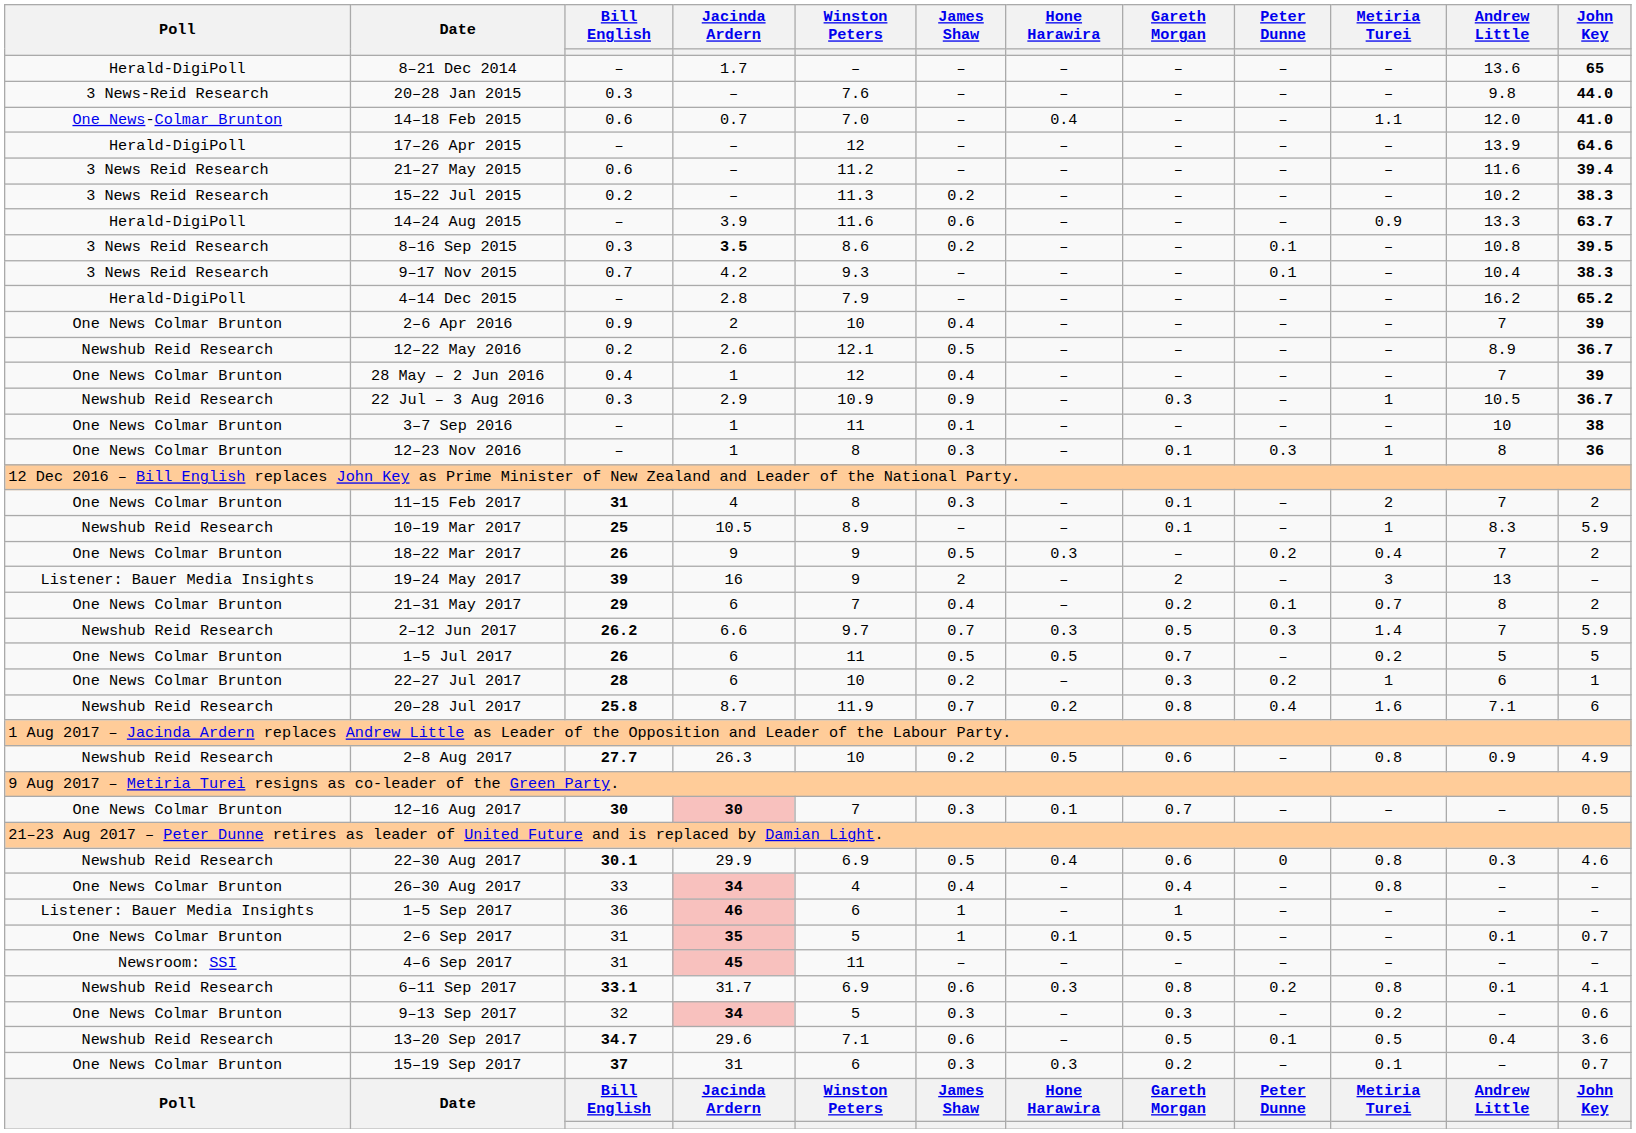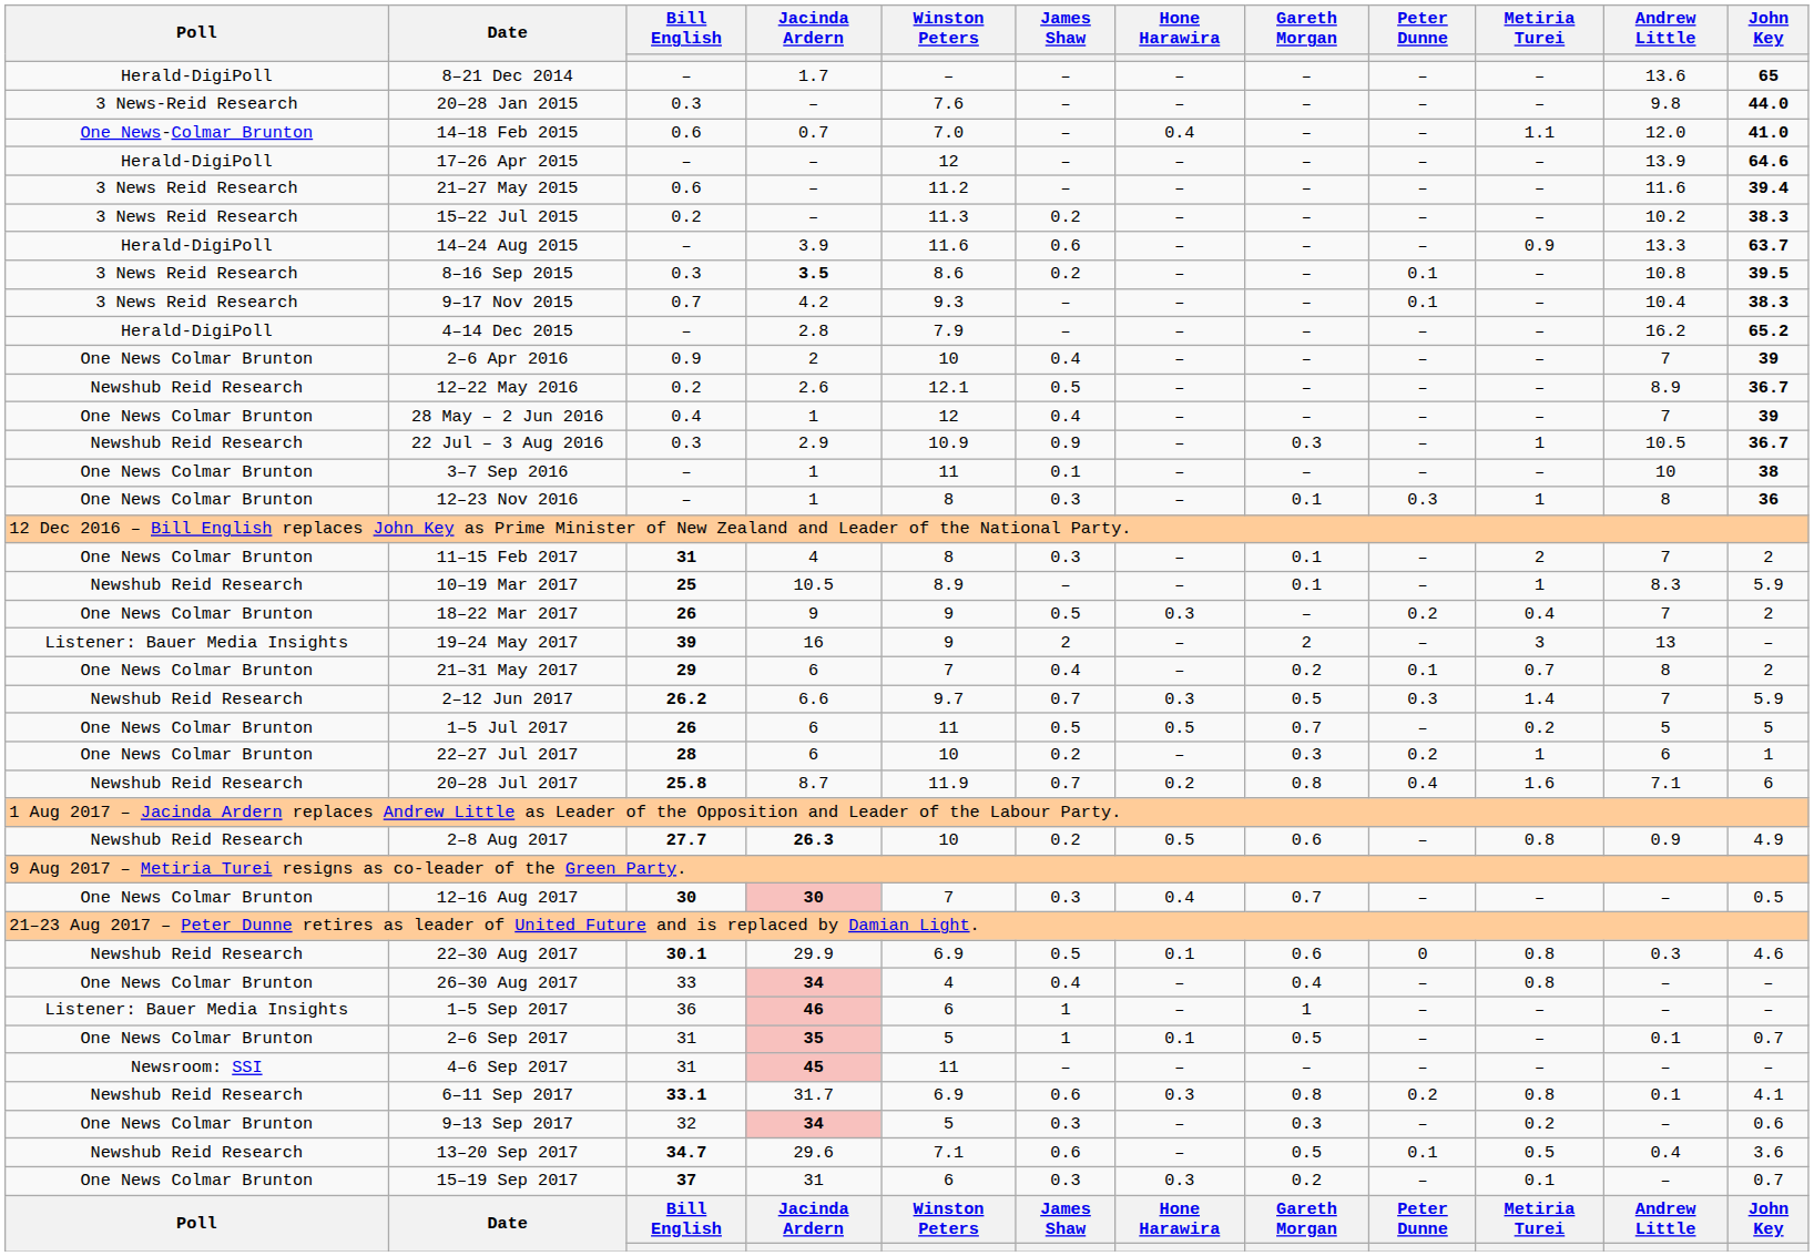 <table class=wikitable style="font-size:90%;line-height:14px;text-align:center;">
 <tr>
 <th style="width:260px;" rowspan="2">Poll</th>
 <th style="width:160px;" rowspan="2">Date<br></th>
 <th><a href='#'>Bill English</a></th>
 <th><a href='#'>Jacinda Ardern</a></th>
 <th><a href='#'>Winston Peters</a></th>
 <th><a href='#'>James Shaw</a></th>
 <th><a href='#'>Hone Harawira</a></th>
 <th><a href='#'>Gareth Morgan</a></th>
 <th><a href='#'>Peter Dunne</a></th>
 <th><a href='#'>Metiria Turei</a></th>
 <th><a href='#'>Andrew Little</a></th>
 <th><a href='#'>John Key</a></th>
 </tr>
 <tr>
 <th class="unsortable" style="color:inherit;background:"></th>
 <th class="unsortable" style="color:inherit;background:"></th>
 <th class="unsortable" style="color:inherit;background:"></th>
 <th class="unsortable" style="color:inherit;background:"></th>
 <th class="unsortable" style="color:inherit;background:"></th>
 <th class="unsortable" style="color:inherit;background:"></th>
 <th class="unsortable" style="color:inherit;background:"></th>
 <th class="unsortable" style="color:inherit;background:"></th>
 <th class="unsortable" style="color:inherit;background:"></th>
 <th class="unsortable" style="color:inherit;background:"></th>
 </tr>
 <tr>
 <td>Herald-DigiPoll</td>
 <td>8–21 Dec 2014</td>
 <td>–</td>
 <td>1.7</td>
 <td>–</td>
 <td>–</td>
 <td>–</td>
 <td>–</td>
 <td>–</td>
 <td>–</td>
 <td>13.6</td>
 <td><strong>65</strong></td>
 </tr>
 <tr>
 <td>3 News-Reid Research</td>
 <td>20–28 Jan 2015</td>
 <td>0.3</td>
 <td>–</td>
 <td>7.6</td>
 <td>–</td>
 <td>–</td>
 <td>–</td>
 <td>–</td>
 <td>–</td>
 <td>9.8</td>
 <td><strong>44.0</strong></td>
 </tr>
 <tr>
 <td><a href='#'>One News</a>-<a href='#'>Colmar Brunton</a></td>
 <td>14–18 Feb 2015</td>
 <td>0.6</td>
 <td>0.7</td>
 <td>7.0</td>
 <td>–</td>
 <td>0.4</td>
 <td>–</td>
 <td>–</td>
 <td>1.1</td>
 <td>12.0</td>
 <td><strong>41.0</strong></td>
 </tr>
 <tr>
 <td>Herald-DigiPoll</td>
 <td>17–26 Apr 2015</td>
 <td>–</td>
 <td>–</td>
 <td>12</td>
 <td>–</td>
 <td>–</td>
 <td>–</td>
 <td>–</td>
 <td>–</td>
 <td>13.9</td>
 <td><strong>64.6</strong></td>
 </tr>
 <tr>
 <td>3 News Reid Research</td>
 <td>21–27 May 2015</td>
 <td>0.6</td>
 <td>–</td>
 <td>11.2</td>
 <td>–</td>
 <td>–</td>
 <td>–</td>
 <td>–</td>
 <td>–</td>
 <td>11.6</td>
 <td><strong>39.4</strong></td>
 </tr>
 <tr>
 <td>3 News Reid Research</td>
 <td>15–22 Jul 2015</td>
 <td>0.2</td>
 <td>–</td>
 <td>11.3</td>
 <td>0.2</td>
 <td>–</td>
 <td>–</td>
 <td>–</td>
 <td>–</td>
 <td>10.2</td>
 <td><strong>38.3</strong></td>
 </tr>
 <tr>
 <td>Herald-DigiPoll</td>
 <td>14–24 Aug 2015</td>
 <td>–</td>
 <td>3.9</td>
 <td>11.6</td>
 <td>0.6</td>
 <td>–</td>
 <td>–</td>
 <td>–</td>
 <td>0.9</td>
 <td>13.3</td>
 <td><strong>63.7</strong></td>
 </tr>
 <tr>
 <td>3 News Reid Research</td>
 <td>8–16 Sep 2015</td>
 <td>0.3</td>
 <td><strong>3.5</strong></td>
 <td>8.6</td>
 <td>0.2</td>
 <td>–</td>
 <td>–</td>
 <td>0.1</td>
 <td>–</td>
 <td>10.8</td>
 <td><strong>39.5</strong></td>
 </tr>
 <tr>
 <td>3 News Reid Research</td>
 <td>9–17 Nov 2015</td>
 <td>0.7</td>
 <td>4.2</td>
 <td>9.3</td>
 <td>–</td>
 <td>–</td>
 <td>–</td>
 <td>0.1</td>
 <td>–</td>
 <td>10.4</td>
 <td><strong>38.3</strong></td>
 </tr>
 <tr>
 <td>Herald-DigiPoll</td>
 <td>4–14 Dec 2015</td>
 <td>–</td>
 <td>2.8</td>
 <td>7.9</td>
 <td>–</td>
 <td>–</td>
 <td>–</td>
 <td>–</td>
 <td>–</td>
 <td>16.2</td>
 <td><strong>65.2</strong></td>
 </tr>
 <tr>
 <td>One News Colmar Brunton</td>
 <td>2–6 Apr 2016</td>
 <td>0.9</td>
 <td>2</td>
 <td>10</td>
 <td>0.4</td>
 <td>–</td>
 <td>–</td>
 <td>–</td>
 <td>–</td>
 <td>7</td>
 <td><strong>39</strong></td>
 </tr>
 <tr>
 <td>Newshub Reid Research</td>
 <td>12–22 May 2016</td>
 <td>0.2</td>
 <td>2.6</td>
 <td>12.1</td>
 <td>0.5</td>
 <td>–</td>
 <td>–</td>
 <td>–</td>
 <td>–</td>
 <td>8.9</td>
 <td><strong>36.7</strong></td>
 </tr>
 <tr>
 <td>One News Colmar Brunton</td>
 <td>28 May – 2 Jun 2016</td>
 <td>0.4</td>
 <td>1</td>
 <td>12</td>
 <td>0.4</td>
 <td>–</td>
 <td>–</td>
 <td>–</td>
 <td>–</td>
 <td>7</td>
 <td><strong>39</strong></td>
 </tr>
 <tr>
 <td>Newshub Reid Research</td>
 <td>22 Jul – 3 Aug 2016</td>
 <td>0.3</td>
 <td>2.9</td>
 <td>10.9</td>
 <td>0.9</td>
 <td>–</td>
 <td>0.3</td>
 <td>–</td>
 <td>1</td>
 <td>10.5</td>
 <td><strong>36.7</strong></td>
 </tr>
 <tr>
 <td>One News Colmar Brunton</td>
 <td>3–7 Sep 2016</td>
 <td>–</td>
 <td>1</td>
 <td>11</td>
 <td>0.1</td>
 <td>–</td>
 <td>–</td>
 <td>–</td>
 <td>–</td>
 <td>10</td>
 <td><strong>38</strong></td>
 </tr>
 <tr>
 <td>One News Colmar Brunton</td>
 <td>12–23 Nov 2016</td>
 <td>–</td>
 <td>1</td>
 <td>8</td>
 <td>0.3</td>
 <td>–</td>
 <td>0.1</td>
 <td>0.3</td>
 <td>1</td>
 <td>8</td>
 <td><strong>36</strong></td>
 </tr>
 <tr>
 <td style="background:#fc9;text-align:left;" colspan="14">12 Dec 2016 – <a href='#'>Bill English</a> replaces <a href='#'>John Key</a> as Prime Minister of New Zealand and Leader of the National Party.</td>
 </tr>
 <tr>
 <td>One News Colmar Brunton</td>
 <td>11–15 Feb 2017</td>
 <td><strong>31</strong></td>
 <td>4</td>
 <td>8</td>
 <td>0.3</td>
 <td>–</td>
 <td>0.1</td>
 <td>–</td>
 <td>2</td>
 <td>7</td>
 <td>2</td>
 </tr>
 <tr>
 <td>Newshub Reid Research</td>
 <td>10–19 Mar 2017</td>
 <td><strong>25</strong></td>
 <td>10.5</td>
 <td>8.9</td>
 <td>–</td>
 <td>–</td>
 <td>0.1</td>
 <td>–</td>
 <td>1</td>
 <td>8.3</td>
 <td>5.9</td>
 </tr>
 <tr>
 <td>One News Colmar Brunton</td>
 <td>18–22 Mar 2017</td>
 <td><strong>26</strong></td>
 <td>9</td>
 <td>9</td>
 <td>0.5</td>
 <td>0.3</td>
 <td>–</td>
 <td>0.2</td>
 <td>0.4</td>
 <td>7</td>
 <td>2</td>
 </tr>
 <tr>
 <td>Listener: Bauer Media Insights</td>
 <td>19–24 May 2017</td>
 <td><strong>39</strong></td>
 <td>16</td>
 <td>9</td>
 <td>2</td>
 <td>–</td>
 <td>2</td>
 <td>–</td>
 <td>3</td>
 <td>13</td>
 <td>–</td>
 </tr>
 <tr>
 <td>One News Colmar Brunton</td>
 <td>21–31 May 2017</td>
 <td><strong>29</strong></td>
 <td>6</td>
 <td>7</td>
 <td>0.4</td>
 <td>–</td>
 <td>0.2</td>
 <td>0.1</td>
 <td>0.7</td>
 <td>8</td>
 <td>2</td>
 </tr>
 <tr>
 <td>Newshub Reid Research</td>
 <td>2–12 Jun 2017</td>
 <td><strong>26.2</strong></td>
 <td>6.6</td>
 <td>9.7</td>
 <td>0.7</td>
 <td>0.3</td>
 <td>0.5</td>
 <td>0.3</td>
 <td>1.4</td>
 <td>7</td>
 <td>5.9</td>
 </tr>
 <tr>
 <td>One News Colmar Brunton</td>
 <td>1–5 Jul 2017</td>
 <td><strong>26</strong></td>
 <td>6</td>
 <td>11</td>
 <td>0.5</td>
 <td>0.5</td>
 <td>0.7</td>
 <td>–</td>
 <td>0.2</td>
 <td>5</td>
 <td>5</td>
 </tr>
 <tr>
 <td>One News Colmar Brunton</td>
 <td>22–27 Jul 2017</td>
 <td><strong>28</strong></td>
 <td>6</td>
 <td>10</td>
 <td>0.2</td>
 <td>–</td>
 <td>0.3</td>
 <td>0.2</td>
 <td>1</td>
 <td>6</td>
 <td>1</td>
 </tr>
 <tr>
 <td>Newshub Reid Research</td>
 <td>20–28 Jul 2017</td>
 <td><strong>25.8</strong></td>
 <td>8.7</td>
 <td>11.9</td>
 <td>0.7</td>
 <td>0.2</td>
 <td>0.8</td>
 <td>0.4</td>
 <td>1.6</td>
 <td>7.1</td>
 <td>6</td>
 </tr>
 <tr>
 <td style="background:#fc9;text-align:left;" colspan="14">1 Aug 2017 – <a href='#'>Jacinda Ardern</a> replaces <a href='#'>Andrew Little</a> as Leader of the Opposition and Leader of the Labour Party.</td>
 </tr>
 <tr>
 <td>Newshub Reid Research</td>
 <td>2–8 Aug 2017</td>
 <td><strong>27.7</strong></td>
-<td>26.3</td>
+<td><strong>26.3</strong></td>
 <td>10</td>
 <td>0.2</td>
 <td>0.5</td>
 <td>0.6</td>
 <td>–</td>
 <td>0.8</td>
 <td>0.9</td>
 <td>4.9</td>
 </tr>
 <tr>
 <td style="background:#fc9;text-align:left;" colspan="14">9 Aug 2017 – <a href='#'>Metiria Turei</a> resigns as co-leader of the <a href='#'>Green Party</a>.</td>
 </tr>
 <tr>
 <td>One News Colmar Brunton</td>
 <td>12–16 Aug 2017</td>
 <td><strong>30</strong></td>
 <td style="background:#F8C1BE"><strong>30</strong></td>
 <td>7</td>
 <td>0.3</td>
-<td>0.1</td>
+<td>0.4</td>
 <td>0.7</td>
 <td>–</td>
 <td>–</td>
 <td>–</td>
 <td>0.5</td>
 </tr>
 <tr>
 <td colspan="14" style="background:#fc9;text-align:left;">21–23 Aug 2017 – <a href='#'>Peter Dunne</a> retires as leader of <a href='#'>United Future</a> and is replaced by <a href='#'>Damian Light</a>.</td>
 </tr>
 <tr>
 <td>Newshub Reid Research</td>
 <td>22–30 Aug 2017</td>
 <td><strong>30.1</strong></td>
 <td>29.9</td>
 <td>6.9</td>
 <td>0.5</td>
-<td>0.4</td>
+<td>0.1</td>
 <td>0.6</td>
 <td>0</td>
 <td>0.8</td>
 <td>0.3</td>
 <td>4.6</td>
 </tr>
 <tr>
 <td>One News Colmar Brunton</td>
 <td>26–30 Aug 2017</td>
 <td>33</td>
 <td style="background:#F8C1BE"><strong>34</strong></td>
 <td>4</td>
 <td>0.4</td>
 <td>–</td>
 <td>0.4</td>
 <td>–</td>
 <td>0.8</td>
 <td>–</td>
 <td>–</td>
 </tr>
 <tr>
 <td>Listener: Bauer Media Insights</td>
 <td>1–5 Sep 2017</td>
 <td>36</td>
 <td style="background:#F8C1BE"><strong>46</strong></td>
 <td>6</td>
 <td>1</td>
 <td>–</td>
 <td>1</td>
 <td>–</td>
 <td>–</td>
 <td>–</td>
 <td>–</td>
 </tr>
 <tr>
 <td>One News Colmar Brunton</td>
 <td>2–6 Sep 2017</td>
 <td>31</td>
 <td style="background:#F8C1BE"><strong>35</strong></td>
 <td>5</td>
 <td>1</td>
 <td>0.1</td>
 <td>0.5</td>
 <td>–</td>
 <td>–</td>
 <td>0.1</td>
 <td>0.7</td>
 </tr>
 <tr>
 <td>Newsroom: <a href='#'>SSI</a></td>
 <td>4–6 Sep 2017</td>
 <td>31</td>
 <td style="background:#F8C1BE"><strong>45</strong></td>
 <td>11</td>
 <td>–</td>
 <td>–</td>
 <td>–</td>
 <td>–</td>
 <td>–</td>
 <td>–</td>
 <td>–</td>
 </tr>
 <tr>
 <td>Newshub Reid Research</td>
 <td>6–11 Sep 2017</td>
 <td><strong>33.1</strong></td>
 <td>31.7</td>
 <td>6.9</td>
 <td>0.6</td>
 <td>0.3</td>
 <td>0.8</td>
 <td>0.2</td>
 <td>0.8</td>
 <td>0.1</td>
 <td>4.1</td>
 </tr>
 <tr>
 <td>One News Colmar Brunton</td>
 <td>9–13 Sep 2017</td>
 <td>32</td>
 <td style="background:#F8C1BE"><strong>34</strong></td>
 <td>5</td>
 <td>0.3</td>
 <td>–</td>
 <td>0.3</td>
 <td>–</td>
 <td>0.2</td>
 <td>–</td>
 <td>0.6</td>
 </tr>
 <tr>
 <td>Newshub Reid Research</td>
 <td>13–20 Sep 2017</td>
 <td><strong>34.7</strong></td>
 <td>29.6</td>
 <td>7.1</td>
 <td>0.6</td>
 <td>–</td>
 <td>0.5</td>
 <td>0.1</td>
 <td>0.5</td>
 <td>0.4</td>
 <td>3.6</td>
 </tr>
 <tr>
 <td>One News Colmar Brunton</td>
 <td>15–19 Sep 2017</td>
 <td><strong>37</strong></td>
 <td>31</td>
 <td>6</td>
 <td>0.3</td>
 <td>0.3</td>
 <td>0.2</td>
 <td>–</td>
 <td>0.1</td>
 <td>–</td>
 <td>0.7</td>
 </tr>
 <tr>
 <th rowspan="2">Poll</th>
 <th rowspan="2">Date<br></th>
 <th><a href='#'>Bill English</a></th>
 <th><a href='#'>Jacinda Ardern</a></th>
 <th><a href='#'>Winston Peters</a></th>
 <th><a href='#'>James Shaw</a></th>
 <th><a href='#'>Hone Harawira</a></th>
 <th><a href='#'>Gareth Morgan</a></th>
 <th><a href='#'>Peter Dunne</a></th>
 <th><a href='#'>Metiria Turei</a></th>
 <th><a href='#'>Andrew Little</a></th>
 <th><a href='#'>John Key</a></th>
 </tr>
 <tr>
 <th class="unsortable" style="color:inherit;background:"></th>
 <th class="unsortable" style="color:inherit;background:"></th>
 <th class="unsortable" style="color:inherit;background:"></th>
 <th class="unsortable" style="color:inherit;background:"></th>
 <th class="unsortable" style="color:inherit;background:"></th>
 <th class="unsortable" style="color:inherit;background:"></th>
 <th class="unsortable" style="color:inherit;background:"></th>
 <th class="unsortable" style="color:inherit;background:"></th>
 <th class="unsortable" style="color:inherit;background:"></th>
 <th class="unsortable" style="color:inherit;background:"></th>
 </tr>
 </table>
